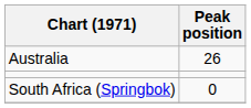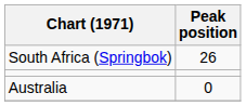 <table class="wikitable sortable">
 <tr>
 <th>Chart (1971)</th>
 <th>Peak<br>position</th>
 </tr>
 <tr>
-<td>Australia</td>
+<td>South Africa (<a href='#'>Springbok</a>)</td>
 <td style="text-align:center;">26</td>
 </tr>
 <tr>
 <td></td>
 </tr>
 <tr>
-<td>South Africa (<a href='#'>Springbok</a>)</td>
+<td>Australia</td>
 <td align="center">0</td>
 </tr>
 <tr>
 </tr>
 </table>
